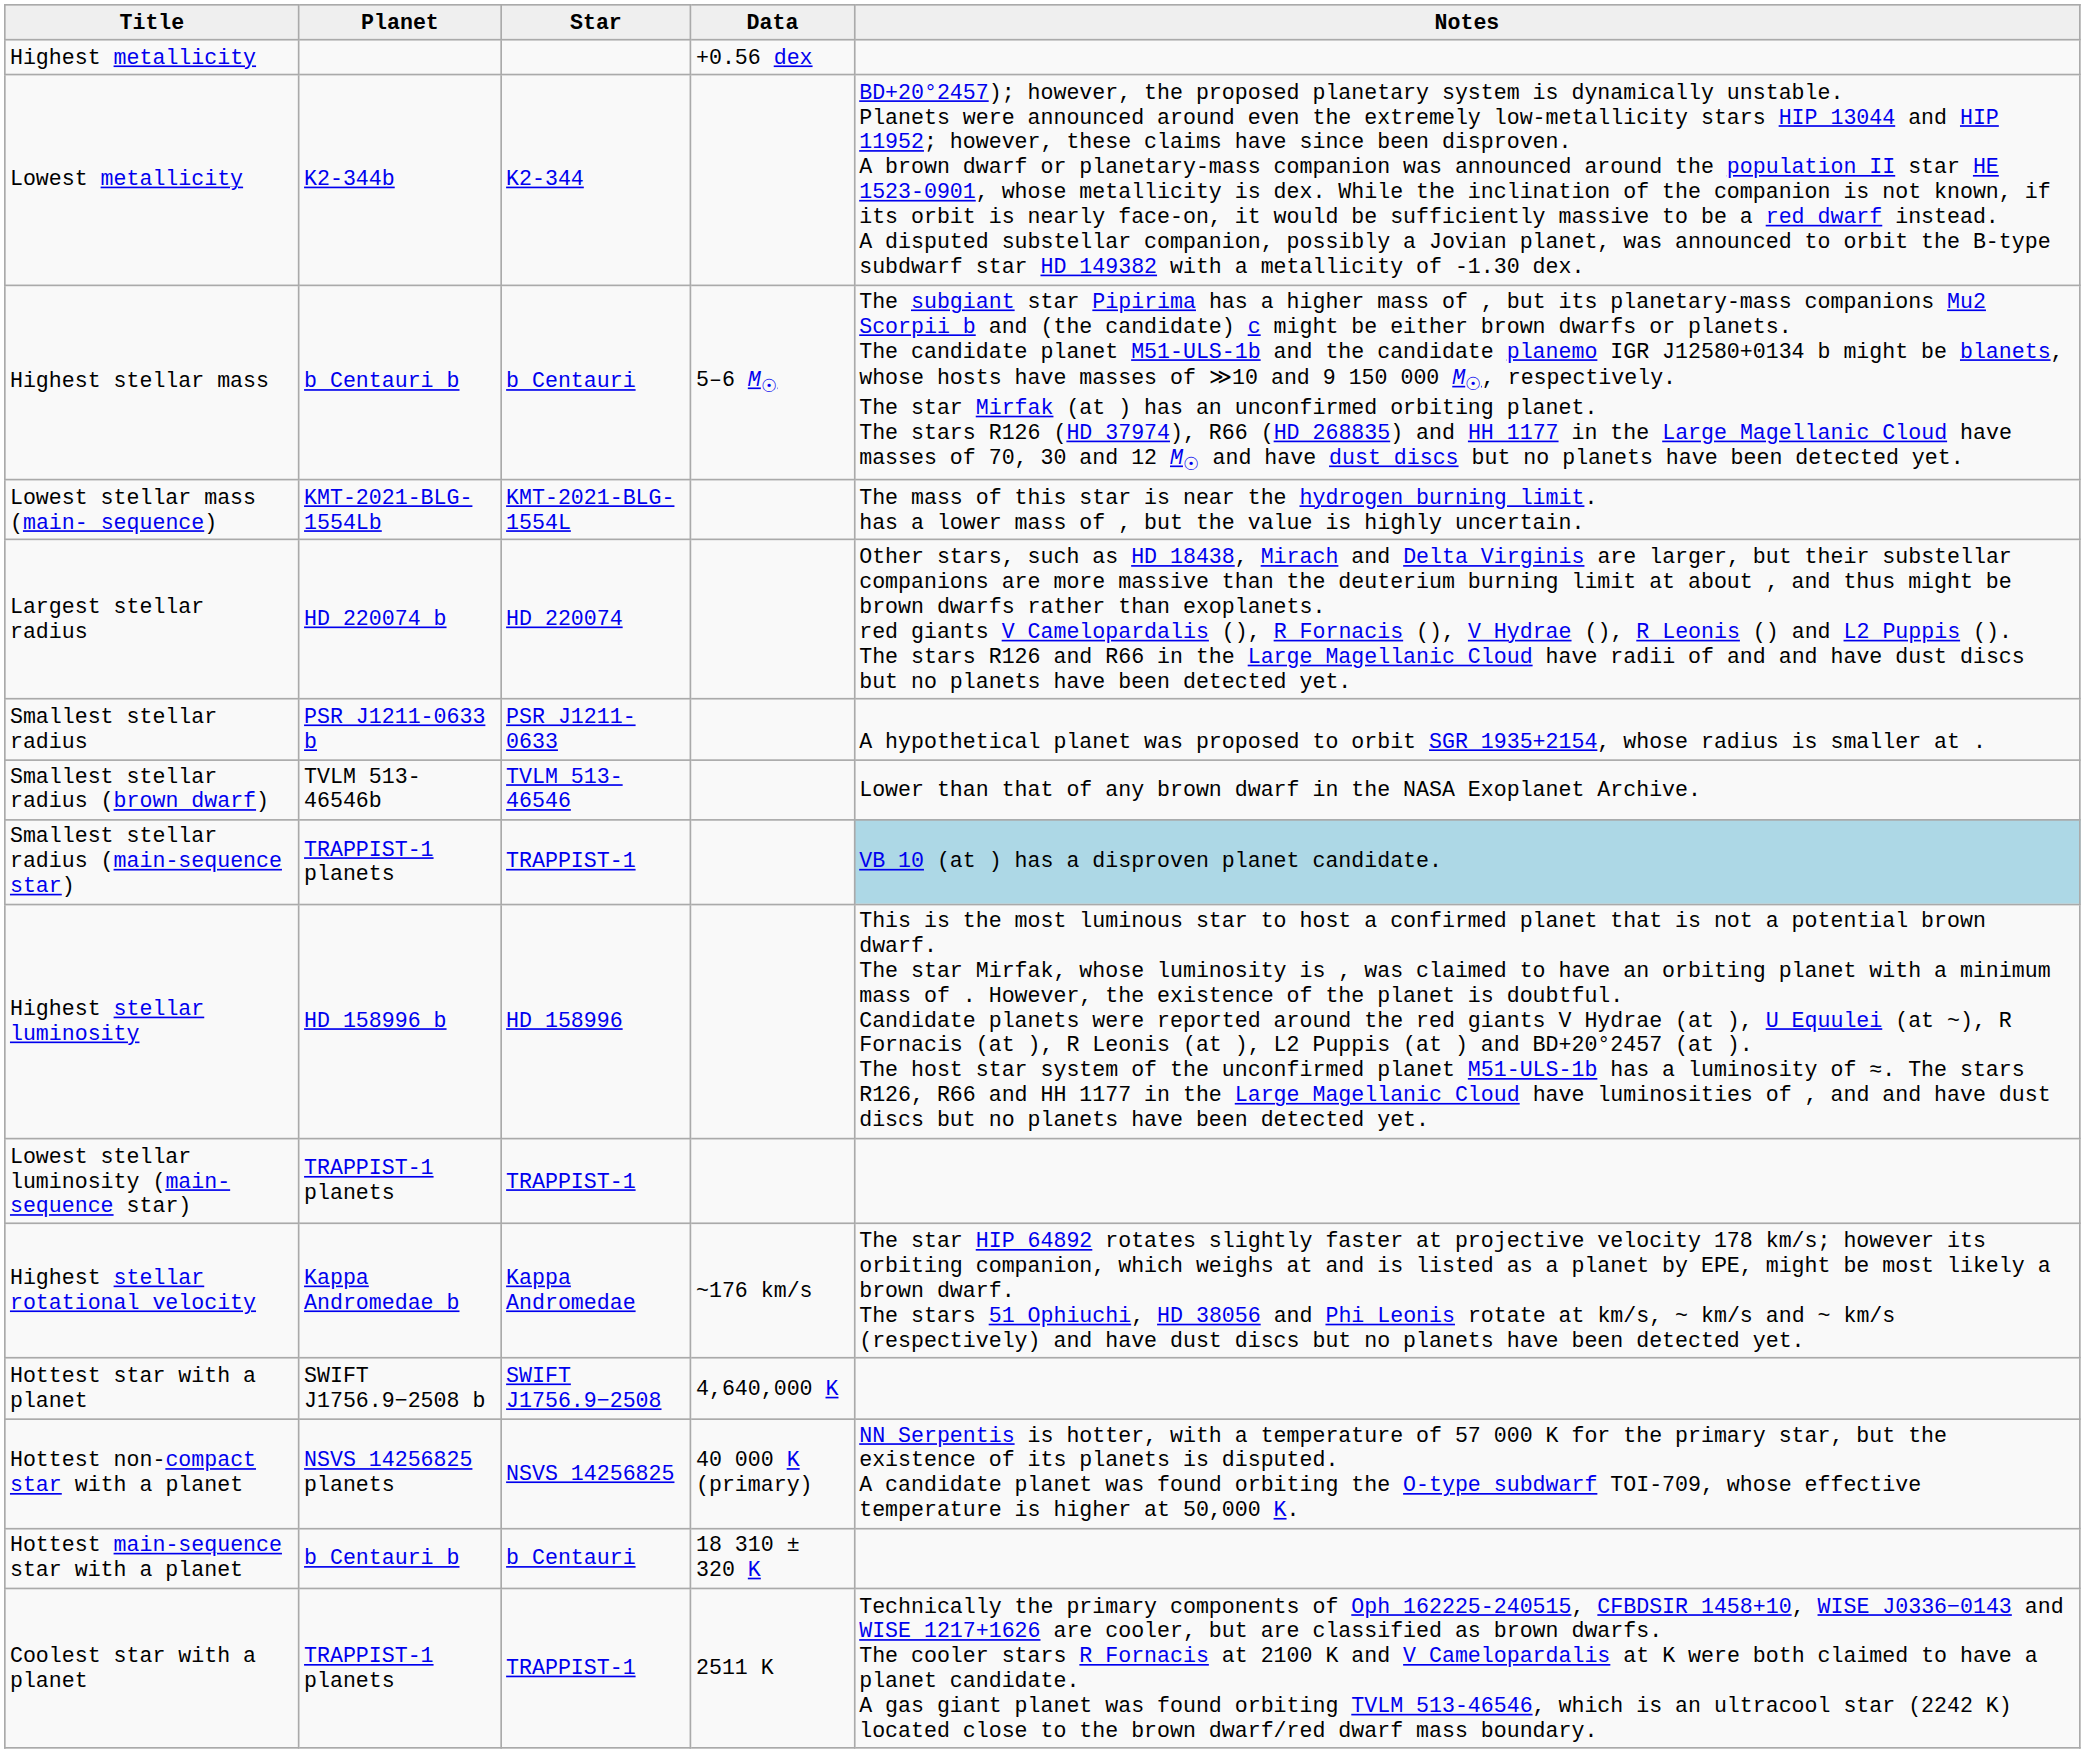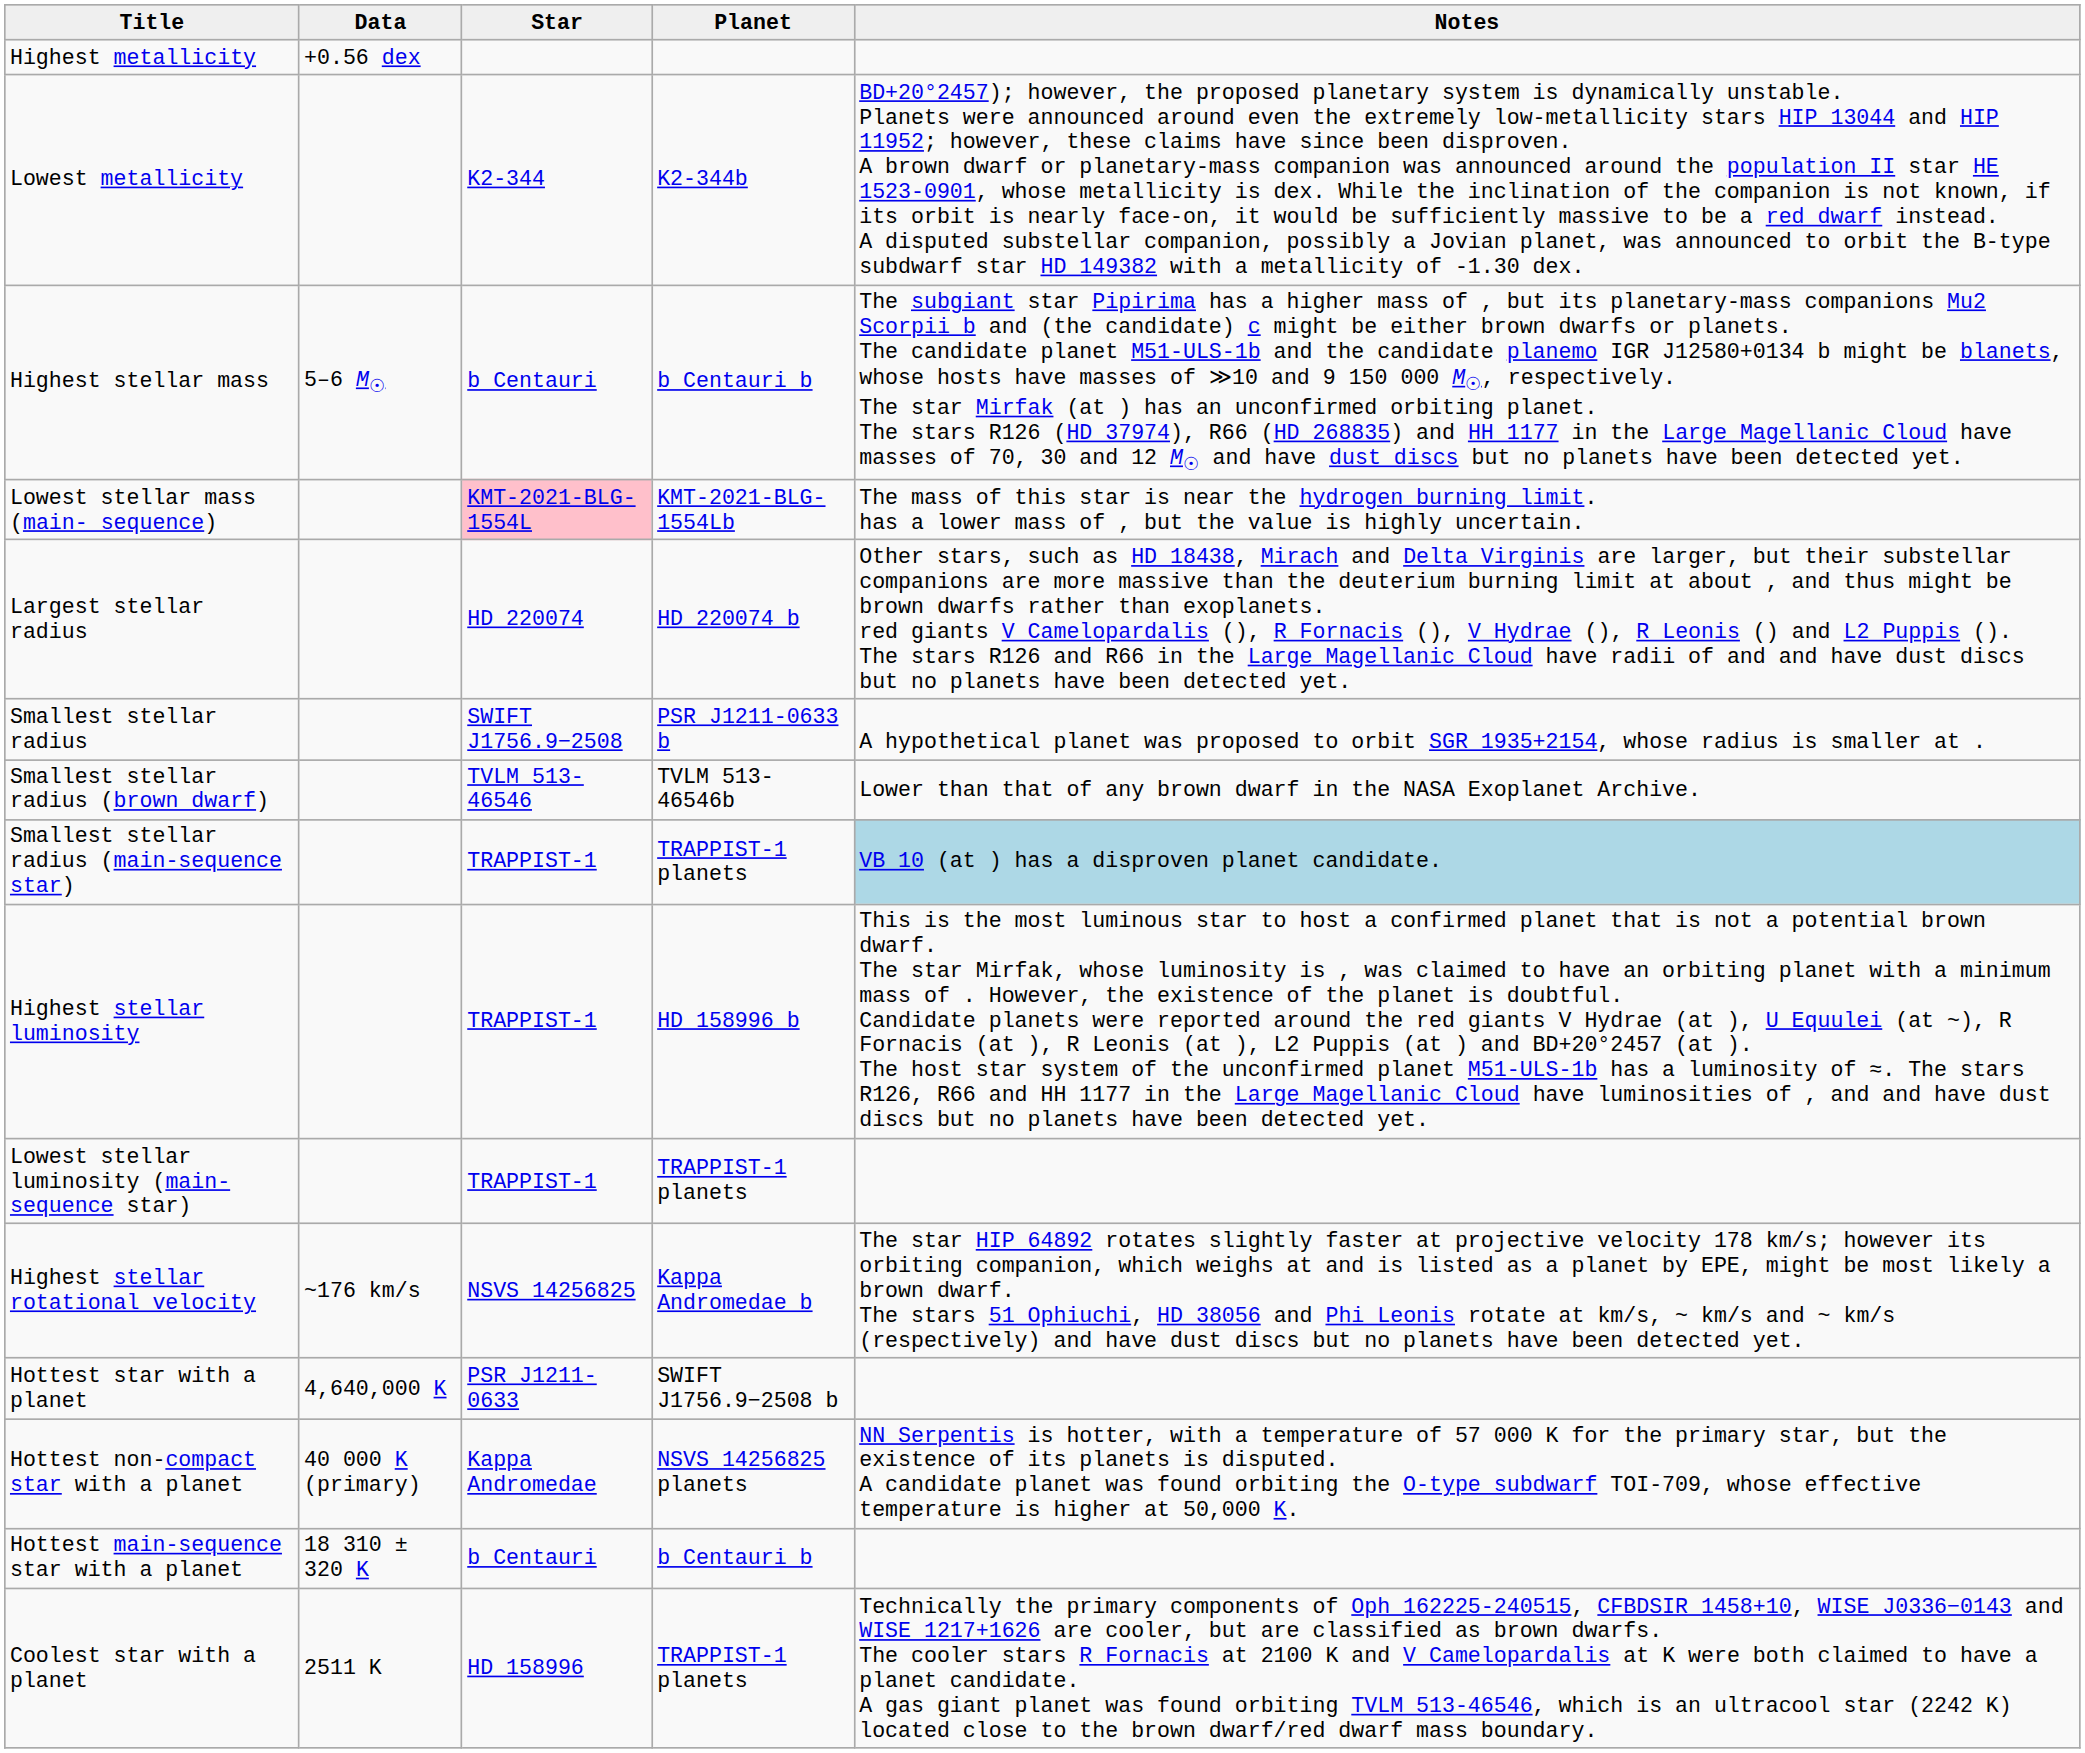 <table class="wikitable sticky-header" style="text-align:left;">
 <tr>
 <th style="background:#efefef;">Title</th>
+<th style="background:#efefef;">Data</th>
+<th style="background:#efefef;">Star</th>
 <th style="background:#efefef;">Planet</th>
-<th style="background:#efefef;">Star</th>
-<th style="background:#efefef;">Data</th>
 <th style="background:#efefef;">Notes</th>
 </tr>
 <tr>
 <td>Highest <a href='#'>metallicity</a></td>
+<td>+0.56 <a href='#'>dex</a></td>
 <td></td>
 <td></td>
-<td>+0.56 <a href='#'>dex</a></td>
 <td></td>
 </tr>
 <tr>
 <td>Lowest <a href='#'>metallicity</a></td>
+<td></td>
+<td><a href='#'>K2-344</a></td>
 <td><a href='#'>K2-344b</a></td>
-<td><a href='#'>K2-344</a></td>
-<td></td>
 <td><a href='#'>BD+20°2457</a>); however, the proposed planetary system is dynamically unstable.<br>Planets were announced around even the extremely low-metallicity stars <a href='#'>HIP 13044</a> and <a href='#'>HIP 11952</a>; however, these claims have since been disproven.<br>A brown dwarf or planetary-mass companion was announced around the <a href='#'>population II</a> star <a href='#'>HE 1523-0901</a>, whose metallicity is  dex. While the inclination of the companion is not known, if its orbit is nearly face-on, it would be sufficiently massive to be a <a href='#'>red dwarf</a> instead.<br>A disputed substellar companion, possibly a Jovian planet, was announced to orbit the B-type subdwarf star <a href='#'>HD 149382</a> with a metallicity of -1.30 dex.</td>
 </tr>
 <tr>
 <td>Highest stellar mass</td>
+<td>5–6 <a href='#'><em>M</em><sub>☉</sub></a></td>
+<td><a href='#'>b Centauri</a></td>
 <td><a href='#'>b Centauri b</a></td>
-<td><a href='#'>b Centauri</a></td>
-<td>5–6 <a href='#'><em>M</em><sub>☉</sub></a></td>
 <td>The <a href='#'>subgiant</a> star <a href='#'>Pipirima</a> has a higher mass of , but its planetary-mass companions <a href='#'>Mu2 Scorpii b</a> and (the candidate) <a href='#'>c</a> might be either brown dwarfs or planets.<br>The candidate planet <a href='#'>M51-ULS-1b</a> and the candidate <a href='#'>planemo</a> IGR J12580+0134 b might be <a href='#'>blanets</a>, whose hosts have masses of ≫10 and 9 150 000 <a href='#'><em>M</em><sub>☉</sub></a>, respectively.<br>The star <a href='#'>Mirfak</a> (at ) has an unconfirmed orbiting planet.<br>The stars R126 (<a href='#'>HD 37974</a>), R66 (<a href='#'>HD 268835</a>) and <a href='#'>HH 1177</a> in the <a href='#'>Large Magellanic Cloud</a> have masses of 70, 30 and 12 <a href='#'><em>M</em><sub>☉</sub></a> and have <a href='#'>dust discs</a> but no planets have been detected yet.</td>
 </tr>
 <tr>
 <td>Lowest stellar mass (<a href='#'>main- sequence</a>)</td>
+<td></td>
+<td style="background: pink;"><a href='#'>KMT-2021-BLG-1554L</a></td>
 <td><a href='#'>KMT-2021-BLG-1554Lb</a></td>
-<td><a href='#'>KMT-2021-BLG-1554L</a></td>
-<td></td>
 <td>The mass of this star is near the <a href='#'>hydrogen burning limit</a>.<br> has a lower mass of , but the value is highly uncertain. </td>
 </tr>
 <tr>
 <td>Largest stellar radius</td>
+<td></td>
+<td><a href='#'>HD 220074</a></td>
 <td><a href='#'>HD 220074 b</a></td>
-<td><a href='#'>HD 220074</a></td>
-<td></td>
 <td>Other stars, such as <a href='#'>HD 18438</a>, <a href='#'>Mirach</a> and <a href='#'>Delta Virginis</a> are larger, but their substellar companions are more massive than the deuterium burning limit at about , and thus might be brown dwarfs rather than exoplanets.<br> red giants <a href='#'>V Camelopardalis</a> (), <a href='#'>R Fornacis</a> (), <a href='#'>V Hydrae</a> (), <a href='#'>R Leonis</a> () and <a href='#'>L2 Puppis</a> ().<br>The stars R126 and R66 in the <a href='#'>Large Magellanic Cloud</a> have radii of  and  and have dust discs but no planets have been detected yet.</td>
 </tr>
 <tr>
 <td>Smallest stellar radius</td>
+<td></td>
+<td><a href='#'>SWIFT J1756.9−2508</a></td>
 <td><a href='#'>PSR J1211-0633 b</a></td>
-<td><a href='#'>PSR J1211-0633</a></td>
-<td></td>
 <td><br>A hypothetical planet was proposed to orbit <a href='#'>SGR 1935+2154</a>, whose radius is smaller at .</td>
 </tr>
 <tr>
 <td>Smallest stellar radius (<a href='#'>brown dwarf</a>)</td>
+<td></td>
+<td><a href='#'>TVLM 513-46546</a></td>
 <td>TVLM 513-46546b</td>
-<td><a href='#'>TVLM 513-46546</a></td>
-<td></td>
 <td>Lower than that of any brown dwarf in the NASA Exoplanet Archive.</td>
 </tr>
 <tr>
 <td>Smallest stellar radius (<a href='#'>main-sequence star</a>)</td>
+<td></td>
+<td><a href='#'>TRAPPIST-1</a></td>
 <td><a href='#'>TRAPPIST-1</a> planets</td>
-<td><a href='#'>TRAPPIST-1</a></td>
-<td></td>
 <td style="background: lightblue;"><a href='#'>VB 10</a> (at ) has a disproven planet candidate.</td>
 </tr>
 <tr>
 <td>Highest <a href='#'>stellar luminosity</a></td>
+<td></td>
+<td><a href='#'>TRAPPIST-1</a></td>
 <td><a href='#'>HD 158996 b</a></td>
-<td><a href='#'>HD 158996</a></td>
-<td></td>
 <td>This is the most luminous star to host a confirmed planet that is not a potential brown dwarf.<br>The star Mirfak, whose luminosity is , was claimed to have an orbiting planet with a minimum mass of . However, the existence of the planet is doubtful.<br>Candidate planets were reported around the red giants V Hydrae (at ), <a href='#'>U Equulei</a> (at ~), R Fornacis (at ), R Leonis (at ), L2 Puppis (at ) and BD+20°2457 (at ).<br>The host star system of the unconfirmed planet <a href='#'>M51-ULS-1b</a> has a luminosity of ≈. The stars R126, R66 and HH 1177 in the <a href='#'>Large Magellanic Cloud</a> have luminosities of ,  and  and have dust discs but no planets have been detected yet.</td>
 </tr>
 <tr>
 <td>Lowest stellar luminosity (<a href='#'>main-sequence</a> star)</td>
+<td></td>
+<td><a href='#'>TRAPPIST-1</a></td>
 <td><a href='#'>TRAPPIST-1</a> planets</td>
-<td><a href='#'>TRAPPIST-1</a></td>
-<td></td>
 <td></td>
 </tr>
 <tr>
 <td>Highest <a href='#'>stellar rotational velocity</a></td>
+<td>~176 km/s </td>
+<td><a href='#'>NSVS 14256825</a></td>
 <td><a href='#'>Kappa Andromedae b</a></td>
-<td><a href='#'>Kappa Andromedae</a></td>
-<td>~176 km/s </td>
 <td>The star <a href='#'>HIP 64892</a> rotates slightly faster at projective velocity 178 km/s; however its orbiting companion, which weighs at  and is listed as a planet by EPE, might be most likely a brown dwarf.<br>The stars <a href='#'>51 Ophiuchi</a>, <a href='#'>HD 38056</a> and <a href='#'>Phi Leonis</a> rotate at  km/s, ~ km/s and ~ km/s (respectively) and have dust discs but no planets have been detected yet.</td>
 </tr>
 <tr>
 <td>Hottest star with a planet</td>
+<td>4,640,000 <a href='#'>K</a></td>
+<td><a href='#'>PSR J1211-0633</a></td>
 <td>SWIFT J1756.9−2508 b</td>
-<td><a href='#'>SWIFT J1756.9−2508</a></td>
-<td>4,640,000 <a href='#'>K</a></td>
 <td></td>
 </tr>
 <tr>
 <td>Hottest non-<a href='#'>compact star</a> with a planet</td>
+<td>40 000 <a href='#'>K</a> (primary)</td>
+<td><a href='#'>Kappa Andromedae</a></td>
 <td><a href='#'>NSVS 14256825</a> planets</td>
-<td><a href='#'>NSVS 14256825</a></td>
-<td>40 000 <a href='#'>K</a> (primary)</td>
 <td><a href='#'>NN Serpentis</a> is hotter, with a temperature of 57 000 K for the primary star, but the existence of its planets is disputed.<br>A candidate planet was found orbiting the <a href='#'>O-type subdwarf</a> TOI-709, whose effective temperature is higher at 50,000 <a href='#'>K</a>.</td>
 </tr>
 <tr>
 <td>Hottest <a href='#'>main-sequence</a> star with a planet</td>
+<td>18 310 ± 320 <a href='#'>K</a></td>
+<td><a href='#'>b Centauri</a></td>
 <td><a href='#'>b Centauri b</a></td>
-<td><a href='#'>b Centauri</a></td>
-<td>18 310 ± 320 <a href='#'>K</a></td>
 <td></td>
 </tr>
 <tr>
 <td>Coolest star with a planet</td>
+<td>2511 K</td>
+<td><a href='#'>HD 158996</a></td>
 <td><a href='#'>TRAPPIST-1</a> planets</td>
-<td><a href='#'>TRAPPIST-1</a></td>
-<td>2511 K</td>
 <td>Technically the primary components of <a href='#'>Oph 162225-240515</a>, <a href='#'>CFBDSIR 1458+10</a>, <a href='#'>WISE J0336−0143</a> and <a href='#'>WISE 1217+1626</a> are cooler, but are classified as brown dwarfs.<br>The cooler stars <a href='#'>R Fornacis</a> at 2100 K and <a href='#'>V Camelopardalis</a> at  K were both claimed to have a planet candidate.<br>A gas giant planet was found orbiting <a href='#'>TVLM 513-46546</a>, which is an ultracool star (2242 K) located close to the brown dwarf/red dwarf mass boundary.</td>
 </tr>
 </table>
